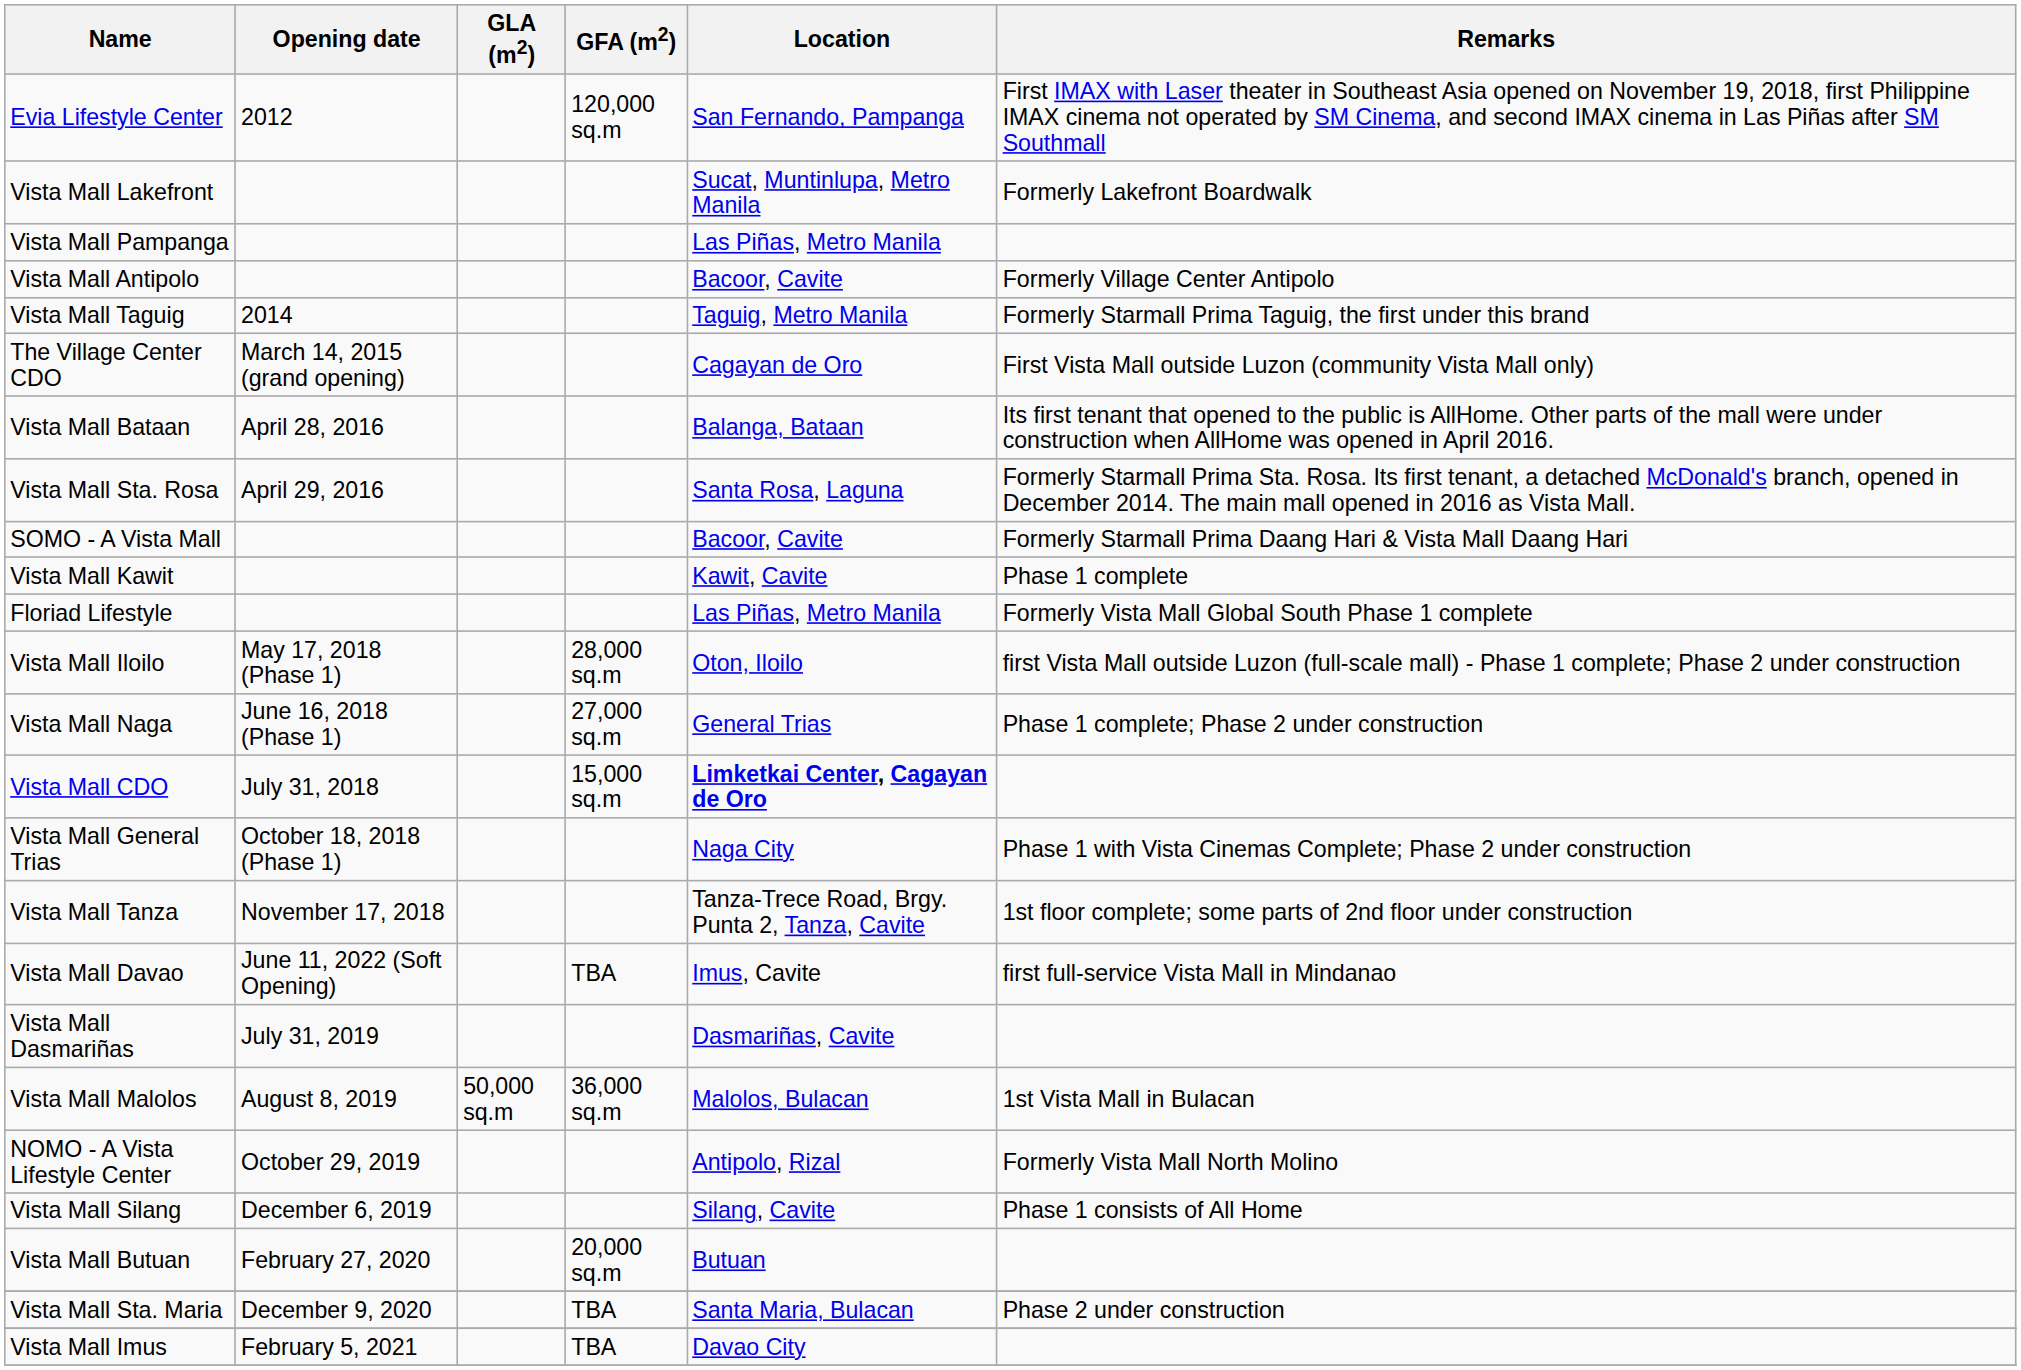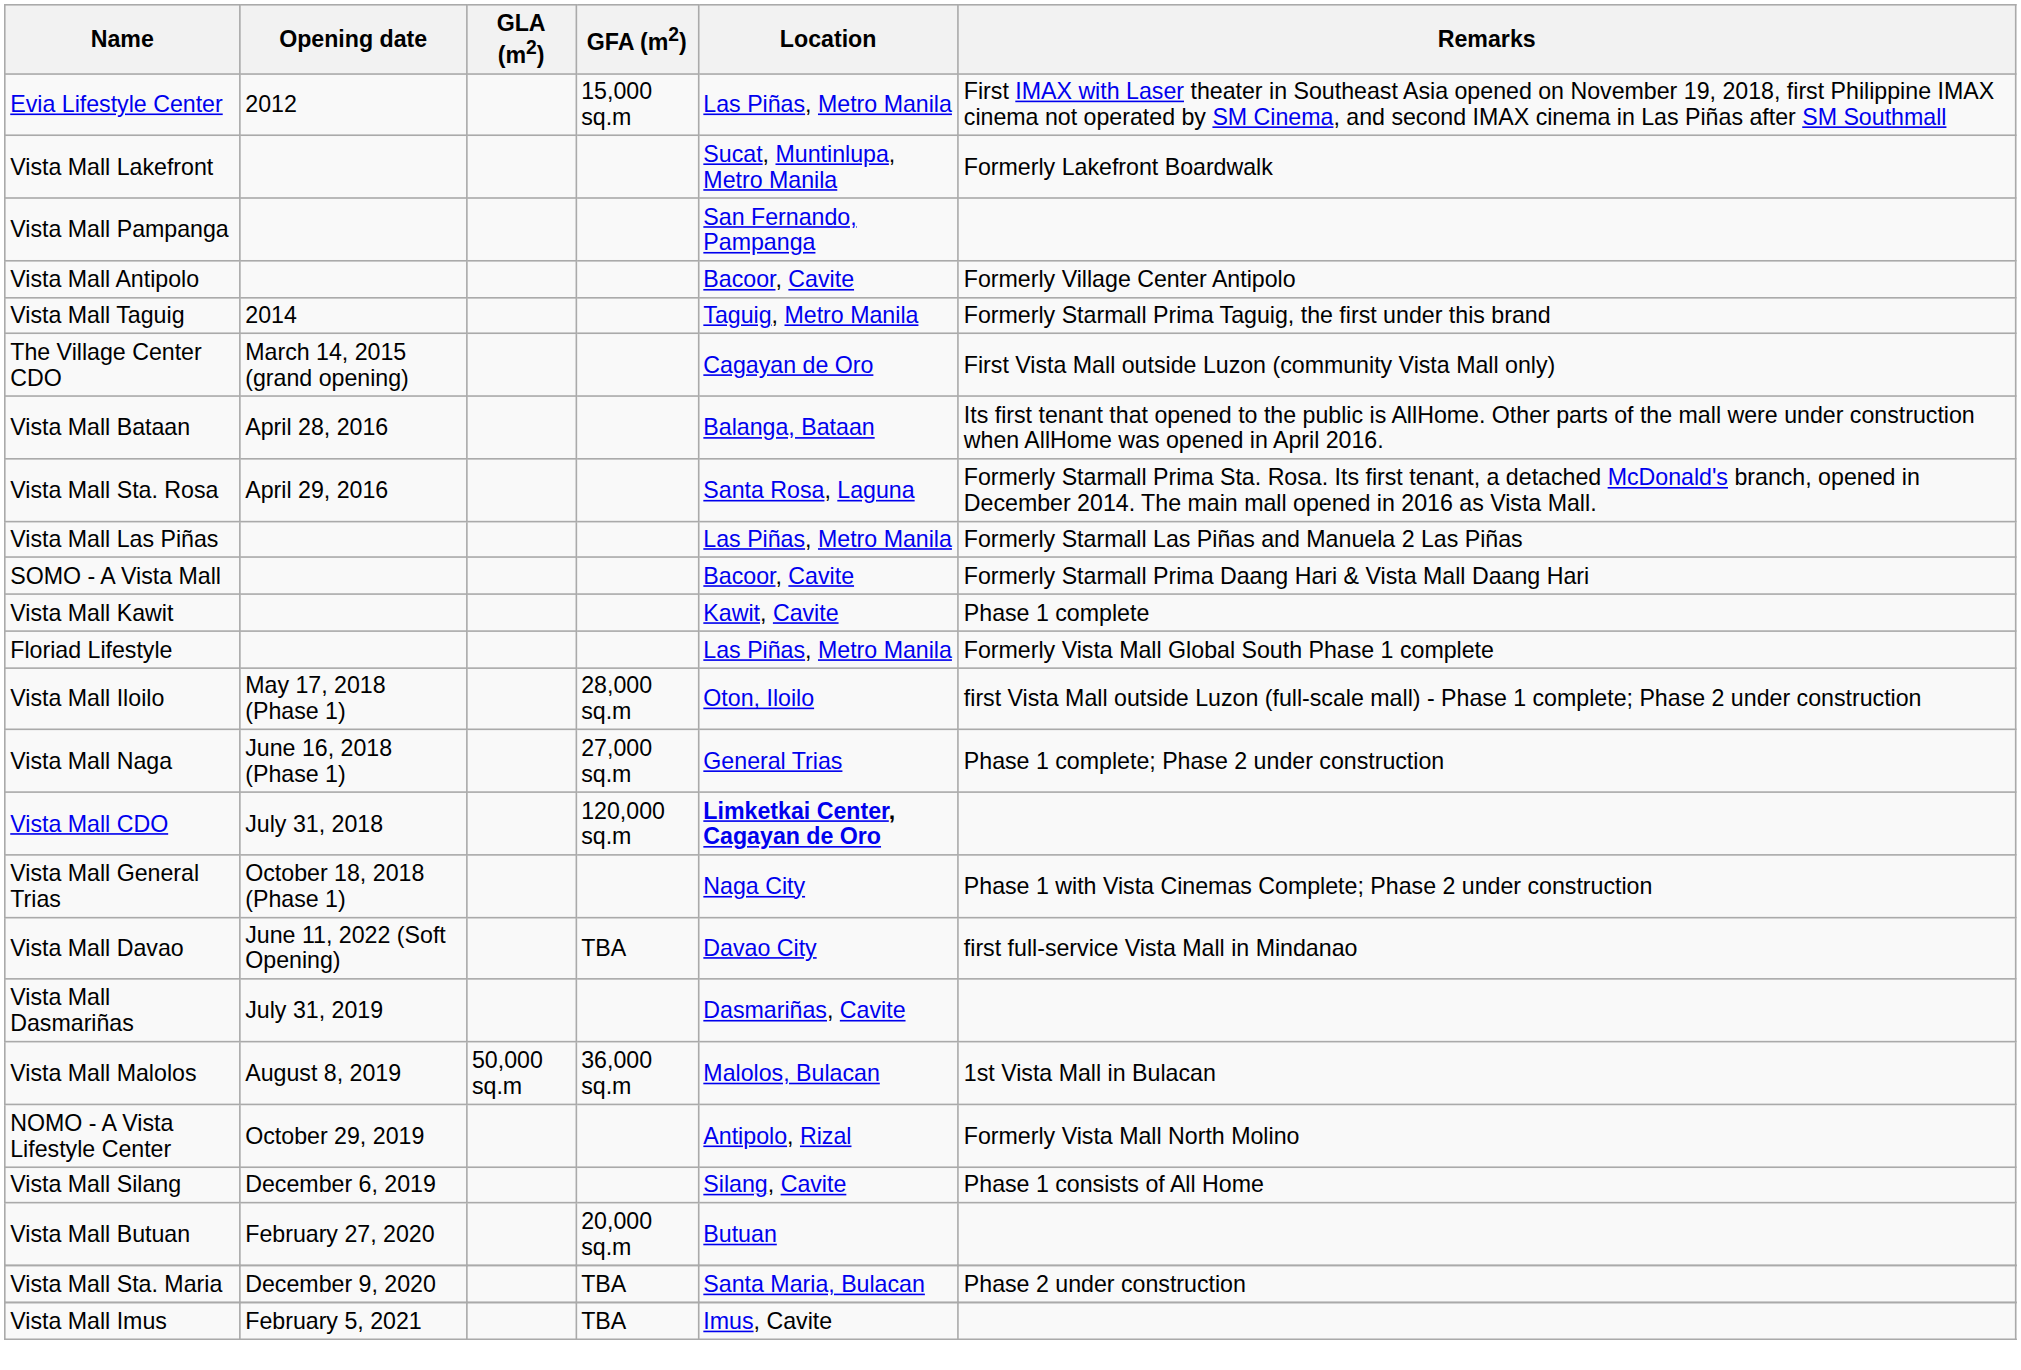 <table class="wikitable sortable" style="font-size:90%;">
 <tr>
 <th>Name</th>
 <th>Opening date</th>
 <th>GLA (m<sup>2</sup>)</th>
 <th>GFA (m<sup>2</sup>)</th>
 <th>Location</th>
 <th>Remarks</th>
 </tr>
 <tr>
 <td><a href='#'>Evia Lifestyle Center</a></td>
 <td>2012</td>
 <td></td>
-<td>120,000 sq.m</td>
-<td><a href='#'>San Fernando, Pampanga</a></td>
+<td>15,000 sq.m</td>
+<td><a href='#'>Las Piñas</a>, <a href='#'>Metro Manila</a></td>
 <td>First <a href='#'>IMAX with Laser</a> theater in Southeast Asia opened on November 19, 2018, first Philippine IMAX cinema not operated by <a href='#'>SM Cinema</a>, and second IMAX cinema in Las Piñas after <a href='#'>SM Southmall</a></td>
 </tr>
 <tr>
 <td>Vista Mall Lakefront</td>
 <td></td>
 <td></td>
 <td></td>
 <td><a href='#'>Sucat</a>, <a href='#'>Muntinlupa</a>, <a href='#'>Metro Manila</a></td>
 <td>Formerly Lakefront Boardwalk</td>
 </tr>
 <tr>
 <td>Vista Mall Pampanga</td>
 <td></td>
 <td></td>
 <td></td>
-<td><a href='#'>Las Piñas</a>, <a href='#'>Metro Manila</a></td>
+<td><a href='#'>San Fernando, Pampanga</a></td>
 <td></td>
 </tr>
 <tr>
 <td>Vista Mall Antipolo</td>
 <td></td>
 <td></td>
 <td></td>
 <td><a href='#'>Bacoor</a>, <a href='#'>Cavite</a></td>
 <td>Formerly Village Center Antipolo</td>
 </tr>
 <tr>
 <td>Vista Mall Taguig</td>
 <td>2014</td>
 <td></td>
 <td></td>
 <td><a href='#'>Taguig</a>, <a href='#'>Metro Manila</a></td>
 <td>Formerly Starmall Prima Taguig, the first under this brand</td>
 </tr>
 <tr>
 <td>The Village Center CDO</td>
 <td>March 14, 2015 (grand opening)</td>
 <td></td>
 <td></td>
 <td><a href='#'>Cagayan de Oro</a></td>
 <td>First Vista Mall outside Luzon (community Vista Mall only)</td>
 </tr>
 <tr>
 <td>Vista Mall Bataan</td>
 <td>April 28, 2016</td>
 <td></td>
 <td></td>
 <td><a href='#'>Balanga, Bataan</a></td>
 <td>Its first tenant that opened to the public is AllHome. Other parts of the mall were under construction when AllHome was opened in April 2016.</td>
 </tr>
 <tr>
 <td>Vista Mall Sta. Rosa</td>
 <td>April 29, 2016</td>
 <td></td>
 <td></td>
 <td><a href='#'>Santa Rosa</a>, <a href='#'>Laguna</a></td>
 <td>Formerly Starmall Prima Sta. Rosa. Its first tenant, a detached <a href='#'>McDonald's</a> branch, opened in December 2014. The main mall opened in 2016 as Vista Mall.</td>
+</tr>
+<tr>
+<td>Vista Mall Las Piñas</td>
+<td></td>
+<td></td>
+<td></td>
+<td><a href='#'>Las Piñas</a>, <a href='#'>Metro Manila</a></td>
+<td>Formerly Starmall Las Piñas and Manuela 2 Las Piñas</td>
 </tr>
 <tr>
 <td>SOMO - A Vista Mall</td>
 <td></td>
 <td></td>
 <td></td>
 <td><a href='#'>Bacoor</a>, <a href='#'>Cavite</a></td>
 <td>Formerly Starmall Prima Daang Hari & Vista Mall Daang Hari</td>
 </tr>
 <tr>
 <td>Vista Mall Kawit</td>
 <td></td>
 <td></td>
 <td></td>
 <td><a href='#'>Kawit</a>, <a href='#'>Cavite</a></td>
 <td>Phase 1 complete</td>
 </tr>
 <tr>
 <td>Floriad Lifestyle</td>
 <td></td>
 <td></td>
 <td></td>
 <td><a href='#'>Las Piñas</a>, <a href='#'>Metro Manila</a></td>
 <td>Formerly Vista Mall Global South Phase 1 complete</td>
 </tr>
 <tr>
 <td>Vista Mall Iloilo</td>
 <td>May 17, 2018 (Phase 1)</td>
 <td></td>
 <td>28,000 sq.m</td>
 <td><a href='#'>Oton, Iloilo</a></td>
 <td>first Vista Mall outside Luzon (full-scale mall) - Phase 1 complete;  Phase 2 under construction</td>
 </tr>
 <tr>
 <td>Vista Mall Naga</td>
 <td>June 16, 2018 (Phase 1)</td>
 <td></td>
 <td>27,000 sq.m</td>
 <td><a href='#'>General Trias</a></td>
 <td>Phase 1 complete; Phase 2 under construction</td>
 </tr>
 <tr>
 <td><a href='#'>Vista Mall CDO</a></td>
 <td>July 31, 2018</td>
 <td></td>
-<td>15,000 sq.m</td>
+<td>120,000 sq.m</td>
 <td><strong><a href='#'>Limketkai Center</a>, <a href='#'>Cagayan de Oro</a></strong></td>
 <td></td>
 </tr>
 <tr>
 <td>Vista Mall General Trias</td>
 <td>October 18, 2018 (Phase 1)</td>
 <td></td>
 <td></td>
 <td><a href='#'>Naga City</a></td>
 <td>Phase 1 with Vista Cinemas Complete; Phase 2 under construction</td>
 </tr>
 <tr>
-<td>Vista Mall Tanza</td>
-<td>November 17, 2018</td>
-<td></td>
-<td></td>
-<td>Tanza-Trece Road, Brgy. Punta 2, <a href='#'>Tanza</a>, <a href='#'>Cavite</a></td>
-<td>1st floor complete; some parts of 2nd floor under construction</td>
-</tr>
-<tr>
 <td>Vista Mall Davao</td>
 <td>June 11, 2022 (Soft Opening)</td>
 <td></td>
 <td>TBA</td>
-<td><a href='#'>Imus</a>, Cavite</td>
+<td><a href='#'>Davao City</a></td>
 <td>first full-service Vista Mall in Mindanao</td>
 </tr>
 <tr>
 <td>Vista Mall Dasmariñas</td>
 <td>July 31, 2019</td>
 <td></td>
 <td></td>
 <td><a href='#'>Dasmariñas</a>, <a href='#'>Cavite</a></td>
 <td></td>
 </tr>
 <tr>
 <td>Vista Mall Malolos</td>
 <td>August 8, 2019</td>
 <td>50,000 sq.m</td>
 <td>36,000 sq.m</td>
 <td><a href='#'>Malolos, Bulacan</a></td>
 <td>1st Vista Mall in Bulacan</td>
 </tr>
 <tr>
 <td>NOMO - A Vista Lifestyle Center</td>
 <td>October 29, 2019</td>
 <td></td>
 <td></td>
 <td><a href='#'>Antipolo</a>, <a href='#'>Rizal</a></td>
 <td>Formerly Vista Mall North Molino</td>
 </tr>
 <tr>
 <td>Vista Mall Silang</td>
 <td>December 6, 2019</td>
 <td></td>
 <td></td>
 <td><a href='#'>Silang</a>, <a href='#'>Cavite</a></td>
 <td>Phase 1 consists of All Home</td>
 </tr>
 <tr>
 <td>Vista Mall Butuan</td>
 <td>February 27, 2020</td>
 <td></td>
 <td>20,000 sq.m</td>
 <td><a href='#'>Butuan</a></td>
 <td></td>
 </tr>
 <tr>
 </tr>
 <tr>
 </tr>
 <tr>
 <td>Vista Mall Sta. Maria</td>
 <td>December 9, 2020</td>
 <td></td>
 <td>TBA</td>
 <td><a href='#'>Santa Maria, Bulacan</a></td>
 <td>Phase 2 under construction</td>
 </tr>
 <tr>
 </tr>
 <tr>
 <td>Vista Mall Imus</td>
 <td>February 5, 2021</td>
 <td></td>
 <td>TBA</td>
-<td><a href='#'>Davao City</a></td>
+<td><a href='#'>Imus</a>, Cavite</td>
 <td></td>
 </tr>
 <tr>
 </tr>
 <tr>
 </tr>
 </table>
